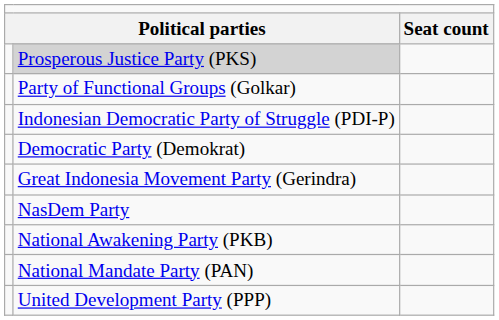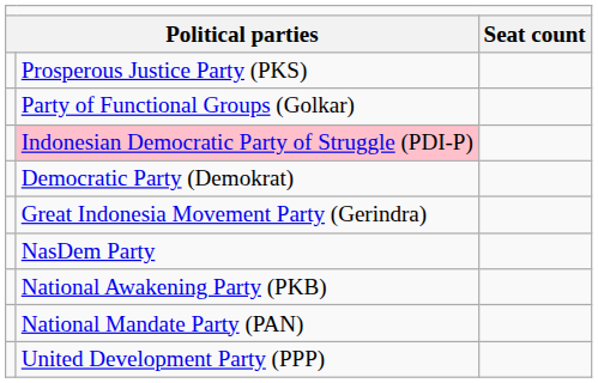 <table class="wikitable">
 <tr>
 <td colspan="4"></td>
 </tr>
 <tr>
 <th colspan="2">Political parties</th>
 <th>Seat count</th>
 </tr>
 <tr>
 <td bgcolor=></td>
-<td style="background: lightgrey;"><a href='#'>Prosperous Justice Party</a> (PKS)</td>
+<td><a href='#'>Prosperous Justice Party</a> (PKS)</td>
 <td></td>
 </tr>
 <tr>
 <td bgcolor=></td>
 <td><a href='#'>Party of Functional Groups</a> (Golkar)</td>
 <td></td>
 </tr>
 <tr>
 <td bgcolor=></td>
-<td><a href='#'>Indonesian Democratic Party of Struggle</a> (PDI-P)</td>
+<td style="background: pink;"><a href='#'>Indonesian Democratic Party of Struggle</a> (PDI-P)</td>
 <td></td>
 </tr>
 <tr>
 <td bgcolor=></td>
 <td><a href='#'>Democratic Party</a> (Demokrat)</td>
 <td></td>
 </tr>
 <tr>
 <td bgcolor=></td>
 <td><a href='#'>Great Indonesia Movement Party</a> (Gerindra)</td>
 <td></td>
 </tr>
 <tr>
 <td bgcolor=></td>
 <td><a href='#'>NasDem Party</a></td>
 <td></td>
 </tr>
 <tr>
 <td bgcolor=></td>
 <td><a href='#'>National Awakening Party</a> (PKB)</td>
 <td></td>
 </tr>
 <tr>
 <td bgcolor=></td>
 <td><a href='#'>National Mandate Party</a> (PAN)</td>
 <td></td>
 </tr>
 <tr>
 <td bgcolor=></td>
 <td><a href='#'>United Development Party</a> (PPP)</td>
 <td></td>
 </tr>
 </table>
